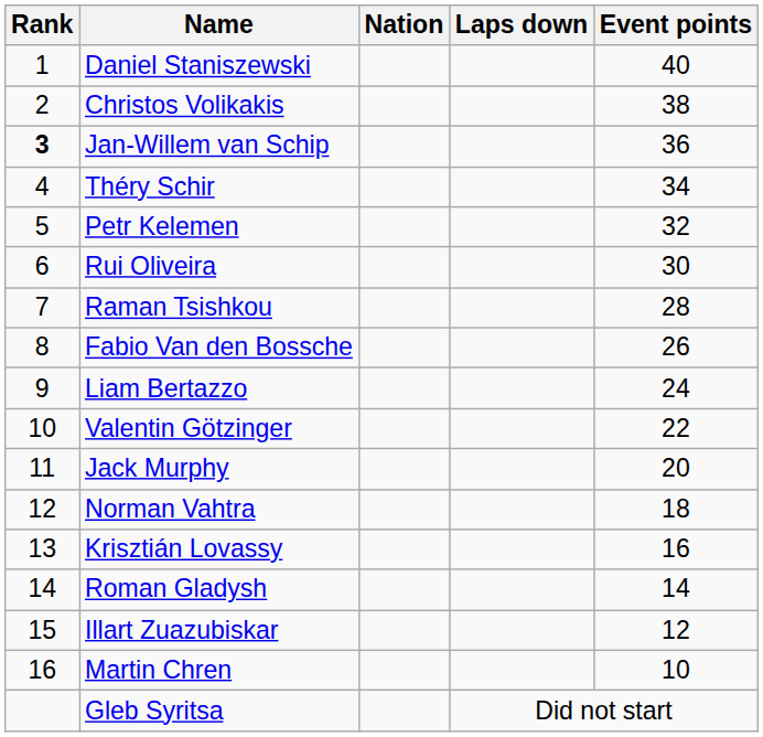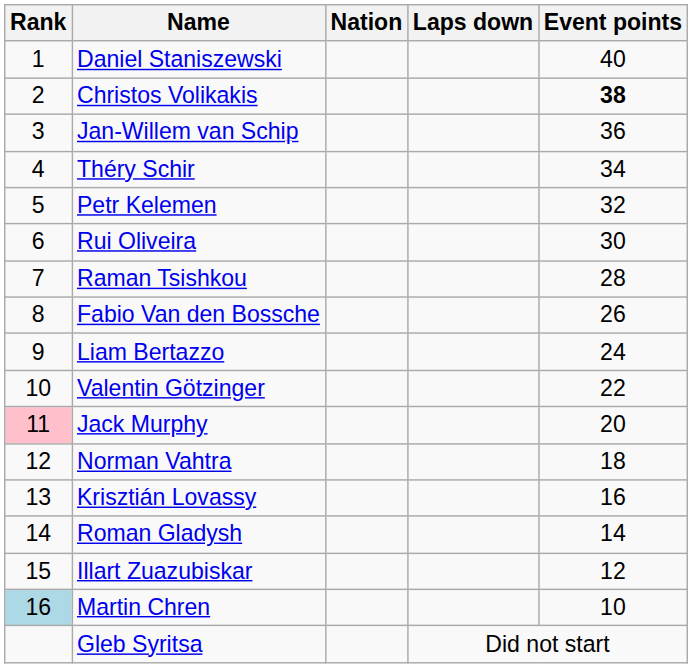 <table class="wikitable sortable" style="text-align:center">
 <tr>
 <th>Rank</th>
 <th>Name</th>
 <th>Nation</th>
 <th>Laps down</th>
 <th>Event points</th>
 </tr>
 <tr>
 <td>1</td>
 <td align=left><a href='#'>Daniel Staniszewski</a></td>
 <td align=left></td>
 <td></td>
 <td>40</td>
 </tr>
 <tr>
 <td>2</td>
 <td align=left><a href='#'>Christos Volikakis</a></td>
 <td align=left></td>
 <td></td>
-<td>38</td>
+<td><strong>38</strong></td>
 </tr>
 <tr>
-<td><strong>3</strong></td>
+<td>3</td>
 <td align=left><a href='#'>Jan-Willem van Schip</a></td>
 <td align=left></td>
 <td></td>
 <td>36</td>
 </tr>
 <tr>
 <td>4</td>
 <td align=left><a href='#'>Théry Schir</a></td>
 <td align=left></td>
 <td></td>
 <td>34</td>
 </tr>
 <tr>
 <td>5</td>
 <td align=left><a href='#'>Petr Kelemen</a></td>
 <td align=left></td>
 <td></td>
 <td>32</td>
 </tr>
 <tr>
 <td>6</td>
 <td align=left><a href='#'>Rui Oliveira</a></td>
 <td align=left></td>
 <td></td>
 <td>30</td>
 </tr>
 <tr>
 <td>7</td>
 <td align=left><a href='#'>Raman Tsishkou</a></td>
 <td align=left></td>
 <td></td>
 <td>28</td>
 </tr>
 <tr>
 <td>8</td>
 <td align=left><a href='#'>Fabio Van den Bossche</a></td>
 <td align=left></td>
 <td></td>
 <td>26</td>
 </tr>
 <tr>
 <td>9</td>
 <td align=left><a href='#'>Liam Bertazzo</a></td>
 <td align=left></td>
 <td></td>
 <td>24</td>
 </tr>
 <tr>
 <td>10</td>
 <td align=left><a href='#'>Valentin Götzinger</a></td>
 <td align=left></td>
 <td></td>
 <td>22</td>
 </tr>
 <tr>
-<td>11</td>
+<td style="background: pink;">11</td>
 <td align=left><a href='#'>Jack Murphy</a></td>
 <td align=left></td>
 <td></td>
 <td>20</td>
 </tr>
 <tr>
 <td>12</td>
 <td align=left><a href='#'>Norman Vahtra</a></td>
 <td align=left></td>
 <td></td>
 <td>18</td>
 </tr>
 <tr>
 <td>13</td>
 <td align=left><a href='#'>Krisztián Lovassy</a></td>
 <td align=left></td>
 <td></td>
 <td>16</td>
 </tr>
 <tr>
 <td>14</td>
 <td align=left><a href='#'>Roman Gladysh</a></td>
 <td align=left></td>
 <td></td>
 <td>14</td>
 </tr>
 <tr>
 <td>15</td>
 <td align=left><a href='#'>Illart Zuazubiskar</a></td>
 <td align=left></td>
 <td></td>
 <td>12</td>
 </tr>
 <tr>
-<td>16</td>
+<td style="background: lightblue;">16</td>
 <td align=left><a href='#'>Martin Chren</a></td>
 <td align=left></td>
 <td></td>
 <td>10</td>
 </tr>
 <tr>
 <td></td>
 <td align=left><a href='#'>Gleb Syritsa</a></td>
 <td align=left></td>
 <td colspan=2>Did not start</td>
 </tr>
 </table>
